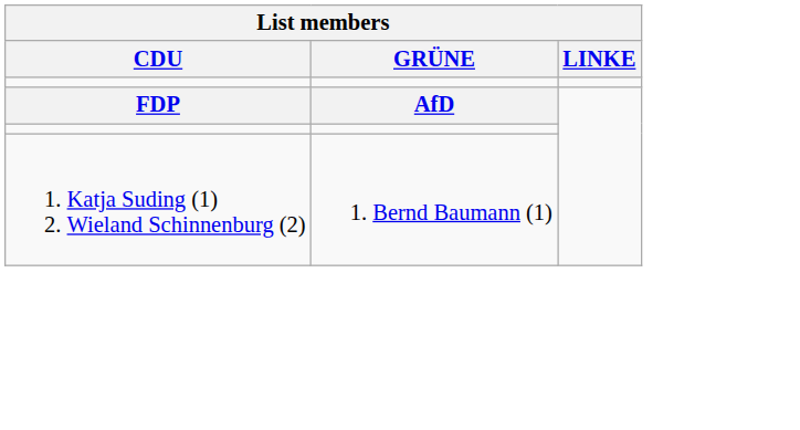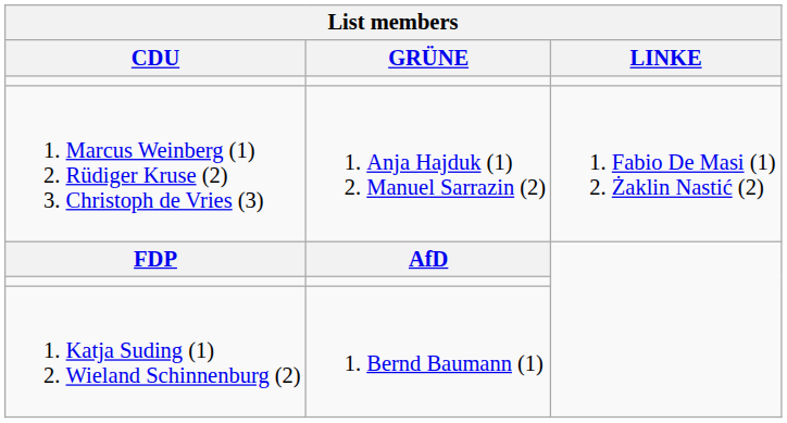 <table class=wikitable>
 <tr>
 <th colspan=3>List members</th>
 </tr>
 <tr>
 <th><a href='#'>CDU</a></th>
 <th><a href='#'>GRÜNE</a></th>
 <th><a href='#'>LINKE</a></th>
 </tr>
 <tr>
 <td bgcolor=></td>
 <td bgcolor=></td>
 <td bgcolor=></td>
 </tr>
 <tr>
+<td><br><ol><li><a href='#'>Marcus Weinberg</a> (1)</li><li><a href='#'>Rüdiger Kruse</a> (2)</li><li><a href='#'>Christoph de Vries</a> (3)</li></ol></td>
+<td><br><ol><li><a href='#'>Anja Hajduk</a> (1)</li><li><a href='#'>Manuel Sarrazin</a> (2)</li></ol></td>
+<td><br><ol><li><a href='#'>Fabio De Masi</a> (1)</li><li><a href='#'>Żaklin Nastić</a> (2)</li></ol></td>
+</tr>
+<tr>
 <th><a href='#'>FDP</a></th>
 <th><a href='#'>AfD</a></th>
 </tr>
 <tr>
 <td bgcolor=></td>
 <td bgcolor=></td>
 </tr>
 <tr>
 <td><br><ol><li><a href='#'>Katja Suding</a> (1)</li><li><a href='#'>Wieland Schinnenburg</a> (2)</li></ol></td>
 <td><br><ol><li><a href='#'>Bernd Baumann</a> (1)</li></ol></td>
 </tr>
 </table>
